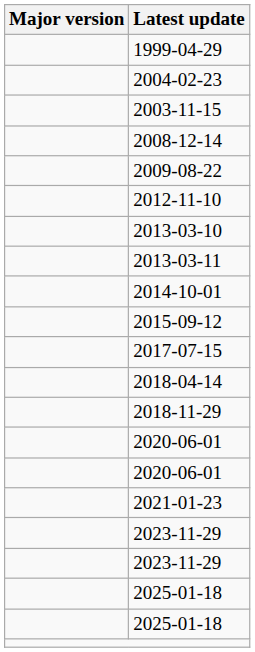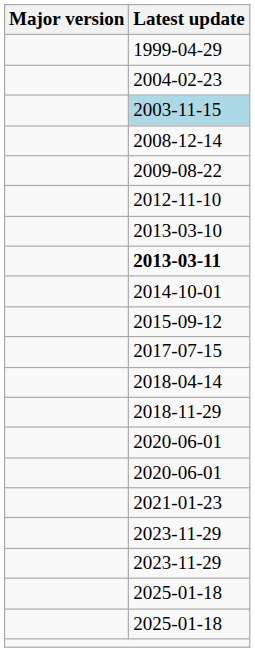 <table class="wikitable floatright">
 <tr>
 <th>Major version</th>
 <th>Latest update</th>
 </tr>
 <tr>
 <td></td>
 <td>1999-04-29</td>
 </tr>
 <tr>
 <td></td>
 <td>2004-02-23</td>
 </tr>
 <tr>
 <td></td>
-<td>2003-11-15</td>
+<td style="background: lightblue;">2003-11-15</td>
 </tr>
 <tr>
 <td></td>
 <td>2008-12-14</td>
 </tr>
 <tr>
 <td></td>
 <td>2009-08-22</td>
 </tr>
 <tr>
 <td></td>
 <td>2012-11-10</td>
 </tr>
 <tr>
 <td></td>
 <td>2013-03-10</td>
 </tr>
 <tr>
 <td></td>
-<td>2013-03-11</td>
+<td><strong>2013-03-11</strong></td>
 </tr>
 <tr>
 <td></td>
 <td>2014-10-01</td>
 </tr>
 <tr>
 <td></td>
 <td>2015-09-12</td>
 </tr>
 <tr>
 <td></td>
 <td>2017-07-15</td>
 </tr>
 <tr>
 <td></td>
 <td>2018-04-14</td>
 </tr>
 <tr>
 <td></td>
 <td>2018-11-29</td>
 </tr>
 <tr>
 <td></td>
 <td>2020-06-01</td>
 </tr>
 <tr>
 <td></td>
 <td>2020-06-01</td>
 </tr>
 <tr>
 <td></td>
 <td>2021-01-23</td>
 </tr>
 <tr>
 <td></td>
 <td>2023-11-29</td>
 </tr>
 <tr>
 <td></td>
 <td>2023-11-29</td>
 </tr>
 <tr>
 <td></td>
 <td>2025-01-18</td>
 </tr>
 <tr>
 <td></td>
 <td>2025-01-18</td>
 </tr>
 <tr>
 <td colspan="99"><small></small></td>
 </tr>
 </table>
